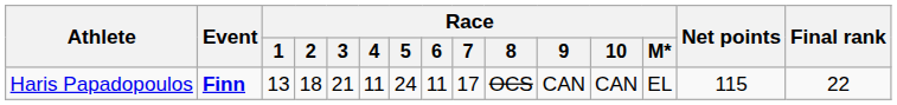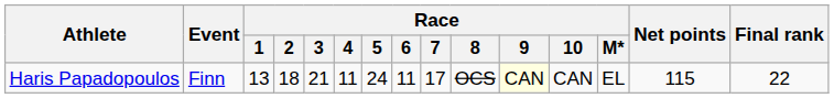 <table class="wikitable" style="font-size:90%">
 <tr>
 <th rowspan=2>Athlete</th>
 <th rowspan=2>Event</th>
 <th colspan=11>Race</th>
 <th rowspan=2>Net points</th>
 <th rowspan=2>Final rank</th>
 </tr>
 <tr style="font-size:95%">
 <th>1</th>
 <th>2</th>
 <th>3</th>
 <th>4</th>
 <th>5</th>
 <th>6</th>
 <th>7</th>
 <th>8</th>
 <th>9</th>
 <th>10</th>
 <th>M*</th>
 </tr>
 <tr align=center>
 <td align=left><a href='#'>Haris Papadopoulos</a></td>
-<td align=left><strong><a href='#'>Finn</a></strong></td>
+<td align=left><a href='#'>Finn</a></td>
 <td>13</td>
 <td>18</td>
 <td>21</td>
 <td>11</td>
 <td>24</td>
 <td>11</td>
 <td>17</td>
 <td><s>OCS</s></td>
-<td>CAN</td>
+<td style="background: lightyellow;">CAN</td>
 <td>CAN</td>
 <td>EL</td>
 <td>115</td>
 <td>22</td>
 </tr>
 </table>
